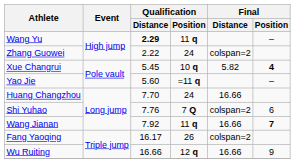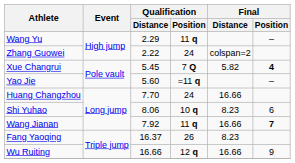 <table class=wikitable style="font-size:90%">
 <tr>
 <th rowspan="2">Athlete</th>
 <th rowspan="2">Event</th>
 <th colspan="2">Qualification</th>
 <th colspan="2">Final</th>
 </tr>
 <tr style="font-size:95%">
 <th>Distance</th>
 <th>Position</th>
 <th>Distance</th>
 <th>Position</th>
 </tr>
 <tr style=text-align:center>
 <td style=text-align:left><a href='#'>Wang Yu</a></td>
 <td style=text-align:left rowspan=2><a href='#'>High jump</a></td>
-<td><strong>2.29</strong></td>
+<td>2.29</td>
 <td>11 <strong>q</strong></td>
 <td></td>
 <td>–</td>
 </tr>
 <tr style=text-align:center>
 <td style=text-align:left><a href='#'>Zhang Guowei</a></td>
 <td>2.22</td>
 <td>24</td>
 <td>colspan=2 </td>
 </tr>
 <tr style=text-align:center>
 <td style=text-align:left><a href='#'>Xue Changrui</a></td>
 <td style=text-align:left rowspan=2><a href='#'>Pole vault</a></td>
 <td>5.45</td>
-<td>10 <strong>q</strong></td>
+<td>7 <strong>Q</strong></td>
 <td>5.82 <strong></strong></td>
 <td><strong>4</strong></td>
 </tr>
 <tr style=text-align:center>
 <td style=text-align:left><a href='#'>Yao Jie</a></td>
 <td>5.60</td>
 <td>=11 <strong>q</strong></td>
 <td></td>
 <td>–</td>
 </tr>
 <tr style=text-align:center>
 <td style=text-align:left><a href='#'>Huang Changzhou</a></td>
 <td style=text-align:left rowspan=3><a href='#'>Long jump</a></td>
 <td>7.70</td>
 <td>24</td>
 <td>16.66</td>
 </tr>
 <tr style=text-align:center>
 <td style=text-align:left><a href='#'>Shi Yuhao</a></td>
-<td>7.76</td>
-<td>7 <strong>Q</strong></td>
-<td>colspan=2 </td>
+<td>8.06</td>
+<td>10 <strong>q</strong></td>
+<td>8.23</td>
 <td>6</td>
 </tr>
 <tr style=text-align:center>
 <td style=text-align:left><a href='#'>Wang Jianan</a></td>
 <td>7.92</td>
 <td>11 <strong>q</strong></td>
 <td>16.66</td>
 <td><strong>7</strong></td>
 </tr>
 <tr style=text-align:center>
 <td style=text-align:left><a href='#'>Fang Yaoqing</a></td>
 <td style=text-align:left rowspan=2><a href='#'>Triple jump</a></td>
-<td>16.17</td>
+<td>16.37</td>
 <td>26</td>
-<td>colspan=2 </td>
+<td>8.23</td>
 </tr>
 <tr style=text-align:center>
 <td style=text-align:left><a href='#'>Wu Ruiting</a></td>
 <td>16.66</td>
 <td>12 <strong>q</strong></td>
 <td>16.66</td>
 <td>9</td>
 </tr>
 <tr style=text-align:center>
 </tr>
 </table>
